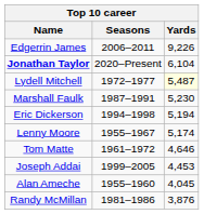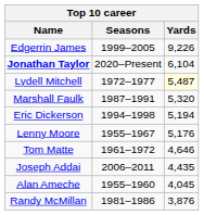 <table class="wikitable" style="text-align:center">
 <tr>
 <th colspan="3"><strong>Top 10 career</strong></th>
 </tr>
 <tr>
 <th><strong>Name</strong></th>
 <th><strong>Seasons</strong></th>
 <th><strong>Yards</strong></th>
 </tr>
 <tr>
 <td><a href='#'>Edgerrin James</a></td>
-<td>2006–2011</td>
+<td>1999–2005</td>
 <td>9,226</td>
 </tr>
 <tr>
 <td><strong><a href='#'>Jonathan Taylor</a></strong></td>
 <td>2020–Present</td>
 <td>6,104</td>
 </tr>
 <tr>
 <td><a href='#'>Lydell Mitchell</a></td>
 <td>1972–1977</td>
 <td style="background: lightyellow;">5,487</td>
 </tr>
 <tr>
 <td><a href='#'>Marshall Faulk</a></td>
 <td>1987–1991</td>
-<td>5,230</td>
+<td>5,320</td>
 </tr>
 <tr>
 <td><a href='#'>Eric Dickerson</a></td>
 <td>1994–1998</td>
 <td>5,194</td>
 </tr>
 <tr>
 <td><a href='#'>Lenny Moore</a></td>
 <td>1955–1967</td>
-<td>5,174</td>
+<td>5,176</td>
 </tr>
 <tr>
 <td><a href='#'>Tom Matte</a></td>
 <td>1961–1972</td>
 <td>4,646</td>
 </tr>
 <tr>
 <td><a href='#'>Joseph Addai</a></td>
-<td>1999–2005</td>
-<td>4,453</td>
+<td>2006–2011</td>
+<td>4,435</td>
 </tr>
 <tr>
 <td><a href='#'>Alan Ameche</a></td>
 <td>1955–1960</td>
 <td>4,045</td>
 </tr>
 <tr>
 <td><a href='#'>Randy McMillan</a></td>
 <td>1981–1986</td>
 <td>3,876</td>
 </tr>
 </table>
